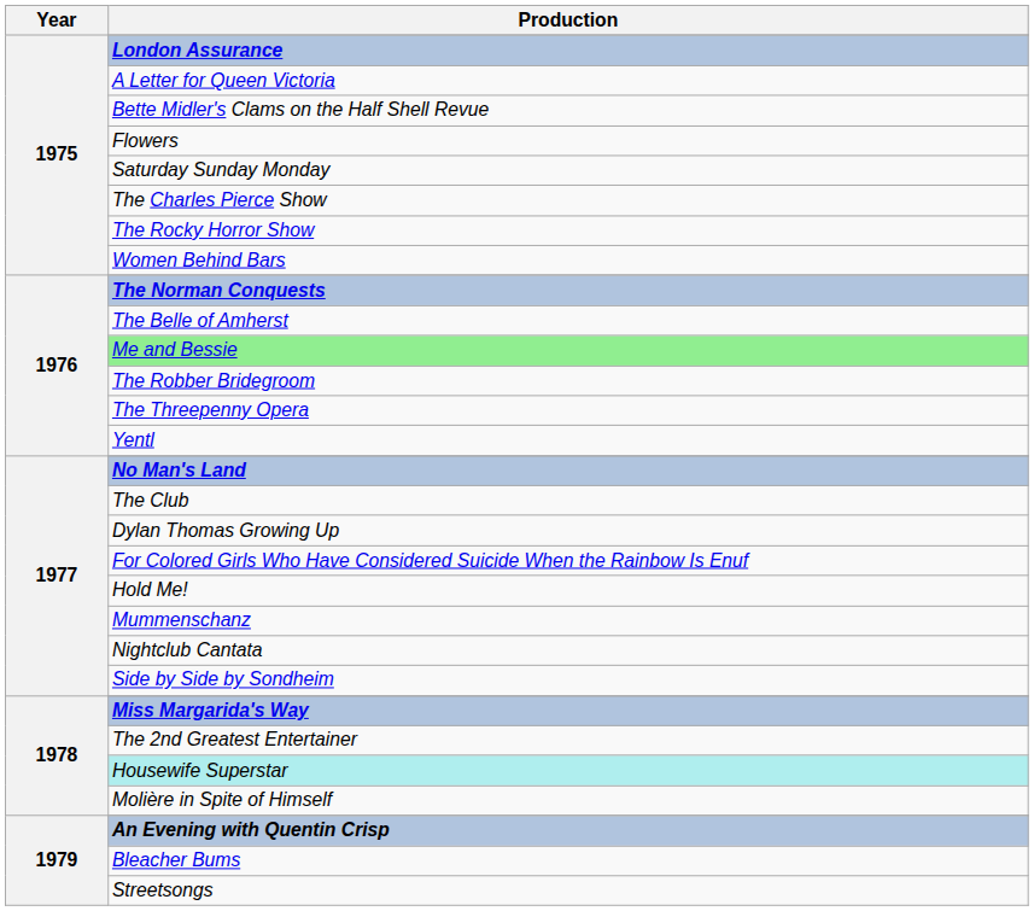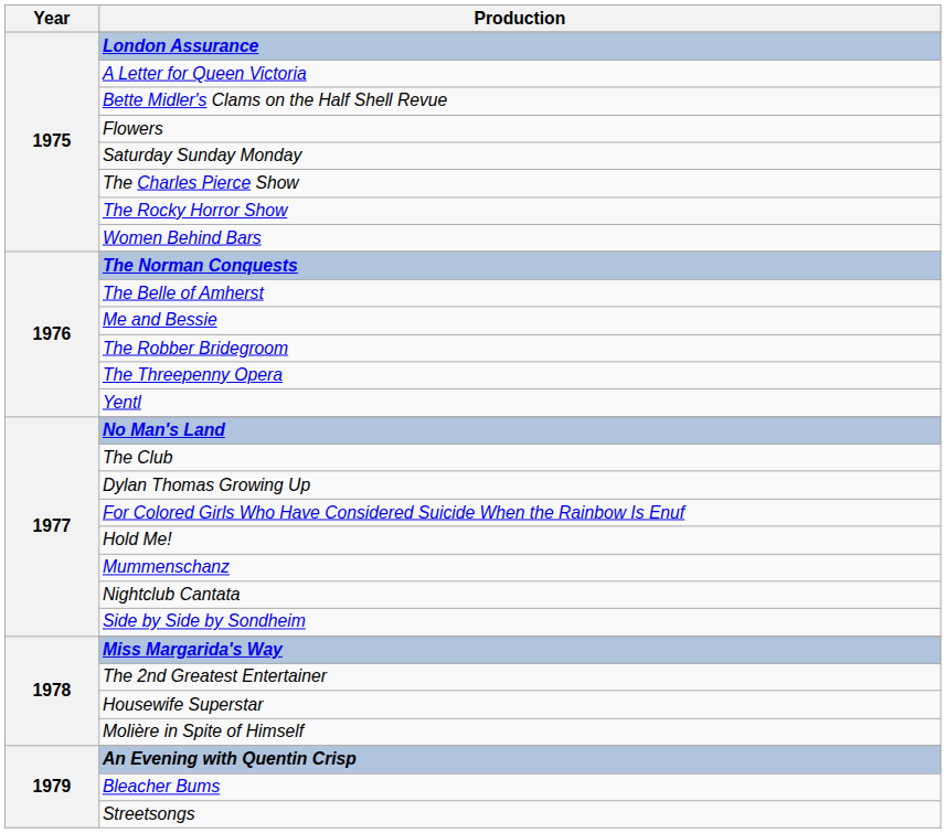 <table class="wikitable" style="width:98%;">
 <tr style="background:#bebebe;">
 <th style="width:10%;">Year</th>
 <th style="width:90%;">Production</th>
 </tr>
 <tr>
 <th rowspan="9">1975</th>
 </tr>
 <tr style="background:#B0C4DE">
 <td><strong><em><a href='#'>London Assurance</a></em></strong></td>
 </tr>
 <tr>
 <td><em><a href='#'>A Letter for Queen Victoria</a></em></td>
 </tr>
 <tr>
 <td><em><a href='#'>Bette Midler's</a> Clams on the Half Shell Revue</em></td>
 </tr>
 <tr>
 <td><em>Flowers</em></td>
 </tr>
 <tr>
 <td><em>Saturday Sunday Monday</em></td>
 </tr>
 <tr>
 <td><em>The <a href='#'>Charles Pierce</a> Show</em></td>
 </tr>
 <tr>
 <td><em><a href='#'>The Rocky Horror Show</a></em></td>
 </tr>
 <tr>
 <td><em><a href='#'>Women Behind Bars</a></em></td>
 </tr>
 <tr>
 <th rowspan="7">1976</th>
 </tr>
 <tr style="background:#B0C4DE">
 <td><strong><em><a href='#'>The Norman Conquests</a></em></strong></td>
 </tr>
 <tr>
 <td><em><a href='#'>The Belle of Amherst</a></em></td>
 </tr>
 <tr>
-<td style="background: lightgreen;"><em><a href='#'>Me and Bessie</a></em></td>
+<td><em><a href='#'>Me and Bessie</a></em></td>
 </tr>
 <tr>
 <td><em><a href='#'>The Robber Bridegroom</a></em></td>
 </tr>
 <tr>
 <td><em><a href='#'>The Threepenny Opera</a></em></td>
 </tr>
 <tr>
 <td><em><a href='#'>Yentl</a></em></td>
 </tr>
 <tr>
 <th rowspan="9">1977</th>
 </tr>
 <tr style="background:#B0C4DE">
 <td><strong><em><a href='#'>No Man's Land</a></em></strong></td>
 </tr>
 <tr>
 <td><em>The Club</em></td>
 </tr>
 <tr>
 <td><em>Dylan Thomas Growing Up</em></td>
 </tr>
 <tr>
 <td><em><a href='#'>For Colored Girls Who Have Considered Suicide When the Rainbow Is Enuf</a></em></td>
 </tr>
 <tr>
 <td><em>Hold Me!</em></td>
 </tr>
 <tr>
 <td><em><a href='#'>Mummenschanz</a></em></td>
 </tr>
 <tr>
 <td><em>Nightclub Cantata</em></td>
 </tr>
 <tr>
 <td><em><a href='#'>Side by Side by Sondheim</a></em></td>
 </tr>
 <tr>
 <th rowspan="5">1978</th>
 </tr>
 <tr style="background:#B0C4DE">
 <td><strong><em><a href='#'>Miss Margarida's Way</a></em></strong></td>
 </tr>
 <tr>
 <td><em>The 2nd Greatest Entertainer</em></td>
 </tr>
 <tr>
-<td style="background: paleturquoise;"><em>Housewife Superstar</em></td>
+<td><em>Housewife Superstar</em></td>
 </tr>
 <tr>
 <td><em>Molière in Spite of Himself</em></td>
 </tr>
 <tr>
 <th rowspan="4">1979</th>
 </tr>
 <tr style="background:#B0C4DE">
 <td><strong><em>An Evening with Quentin Crisp</em></strong></td>
 </tr>
 <tr>
 <td><em><a href='#'>Bleacher Bums</a></em></td>
 </tr>
 <tr>
 <td><em>Streetsongs</em></td>
 </tr>
 </table>
